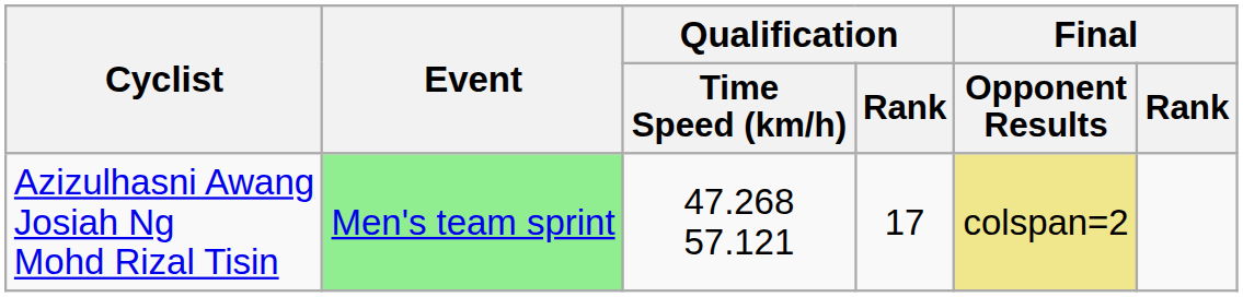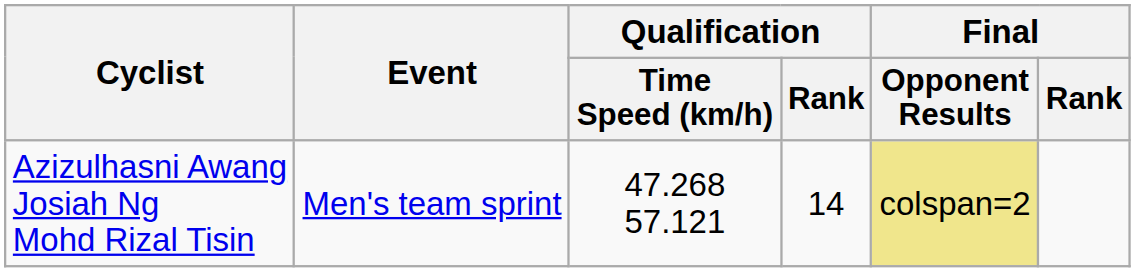 <table class="wikitable" style="font-size:90%">
 <tr>
 <th rowspan=2>Cyclist</th>
 <th rowspan=2>Event</th>
 <th colspan=2>Qualification</th>
 <th colspan=2>Final</th>
 </tr>
 <tr style="font-size:95%">
 <th>Time<br>Speed (km/h)</th>
 <th>Rank</th>
 <th>Opponent<br>Results</th>
 <th>Rank</th>
 </tr>
 <tr align=center>
 <td align=left><a href='#'>Azizulhasni Awang</a><br><a href='#'>Josiah Ng</a><br><a href='#'>Mohd Rizal Tisin</a></td>
-<td align=left style="background: lightgreen;"><a href='#'>Men's team sprint</a></td>
+<td align=left><a href='#'>Men's team sprint</a></td>
 <td>47.268<br>57.121</td>
-<td>17</td>
+<td>14</td>
 <td style="background: khaki;">colspan=2 </td>
 </tr>
 </table>
